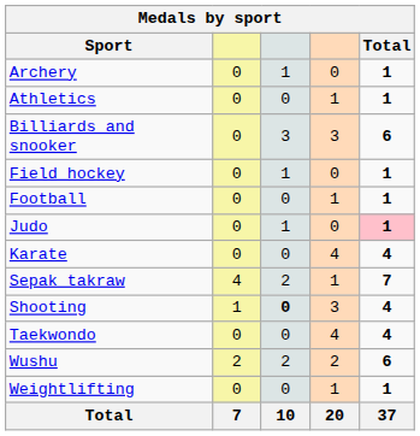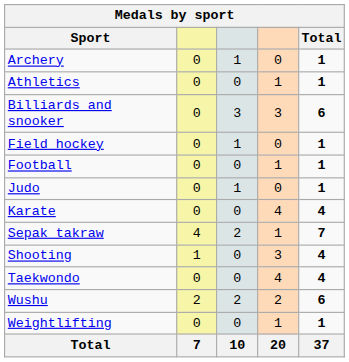 <table class="wikitable sortable" style="font-size:90%; text-align:center;">
 <tr>
 <th colspan=5>Medals by sport</th>
 </tr>
 <tr>
 <th width=145>Sport</th>
 <th width=30 style="background:#F7F6A8;"></th>
 <th width=30 style="background:#DCE5E5;"></th>
 <th width=30 style="background:#FFDAB9;"></th>
 <th width=30>Total</th>
 </tr>
 <tr>
 <td align=left><a href='#'>Archery</a></td>
 <td style="background:#F7F6A8;">0</td>
 <td style="background:#DCE5E5;">1</td>
 <td style="background:#FFDAB9;">0</td>
 <td><strong>1</strong></td>
 </tr>
 <tr>
 <td align=left><a href='#'>Athletics</a></td>
 <td style="background:#F7F6A8;">0</td>
 <td style="background:#DCE5E5;">0</td>
 <td style="background:#FFDAB9;">1</td>
 <td><strong>1</strong></td>
 </tr>
 <tr>
 <td align=left><a href='#'>Billiards and snooker</a></td>
 <td style="background:#F7F6A8;">0</td>
 <td style="background:#DCE5E5;">3</td>
 <td style="background:#FFDAB9;">3</td>
 <td><strong>6</strong></td>
 </tr>
 <tr>
 <td align=left><a href='#'>Field hockey</a></td>
 <td style="background:#F7F6A8;">0</td>
 <td style="background:#DCE5E5;">1</td>
 <td style="background:#FFDAB9;">0</td>
 <td><strong>1</strong></td>
 </tr>
 <tr>
 <td align=left><a href='#'>Football</a></td>
 <td style="background:#F7F6A8;">0</td>
 <td style="background:#DCE5E5;">0</td>
 <td style="background:#FFDAB9;">1</td>
 <td><strong>1</strong></td>
 </tr>
 <tr>
 <td align=left><a href='#'>Judo</a></td>
 <td style="background:#F7F6A8;">0</td>
 <td style="background:#DCE5E5;">1</td>
 <td style="background:#FFDAB9;">0</td>
-<td style="background: pink;"><strong>1</strong></td>
+<td><strong>1</strong></td>
 </tr>
 <tr>
 <td align=left><a href='#'>Karate</a></td>
 <td style="background:#F7F6A8;">0</td>
 <td style="background:#DCE5E5;">0</td>
 <td style="background:#FFDAB9;">4</td>
 <td><strong>4</strong></td>
 </tr>
 <tr>
 <td align=left><a href='#'>Sepak takraw</a></td>
 <td style="background:#F7F6A8;">4</td>
 <td style="background:#DCE5E5;">2</td>
 <td style="background:#FFDAB9;">1</td>
 <td><strong>7</strong></td>
 </tr>
 <tr>
 <td align=left><a href='#'>Shooting</a></td>
 <td style="background:#F7F6A8;">1</td>
-<td style="background:#DCE5E5;"><strong>0</strong></td>
+<td style="background:#DCE5E5;">0</td>
 <td style="background:#FFDAB9;">3</td>
 <td><strong>4</strong></td>
 </tr>
 <tr>
 <td align=left><a href='#'>Taekwondo</a></td>
 <td style="background:#F7F6A8;">0</td>
 <td style="background:#DCE5E5;">0</td>
 <td style="background:#FFDAB9;">4</td>
 <td><strong>4</strong></td>
 </tr>
 <tr>
 <td align=left><a href='#'>Wushu</a></td>
 <td style="background:#F7F6A8;">2</td>
 <td style="background:#DCE5E5;">2</td>
 <td style="background:#FFDAB9;">2</td>
 <td><strong>6</strong></td>
 </tr>
 <tr>
 <td align=left><a href='#'>Weightlifting</a></td>
 <td style="background:#F7F6A8;">0</td>
 <td style="background:#DCE5E5;">0</td>
 <td style="background:#FFDAB9;">1</td>
 <td><strong>1</strong></td>
 </tr>
 <tr class="sortbottom">
 <th>Total</th>
 <th>7</th>
 <th>10</th>
 <th>20</th>
 <th>37</th>
 </tr>
 </table>
